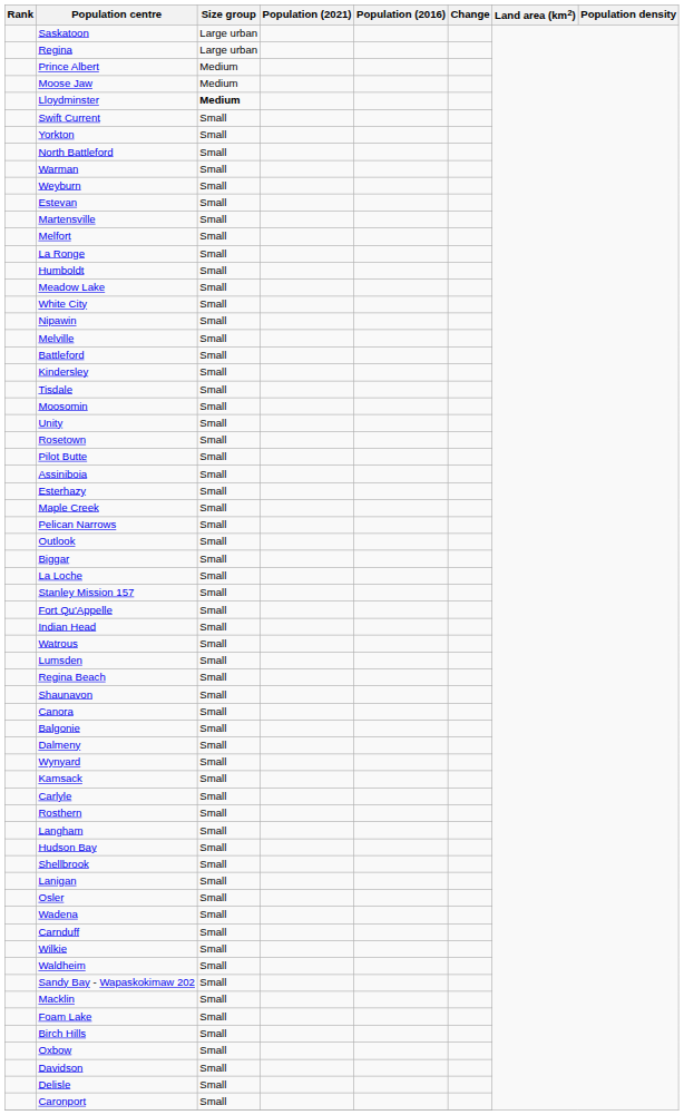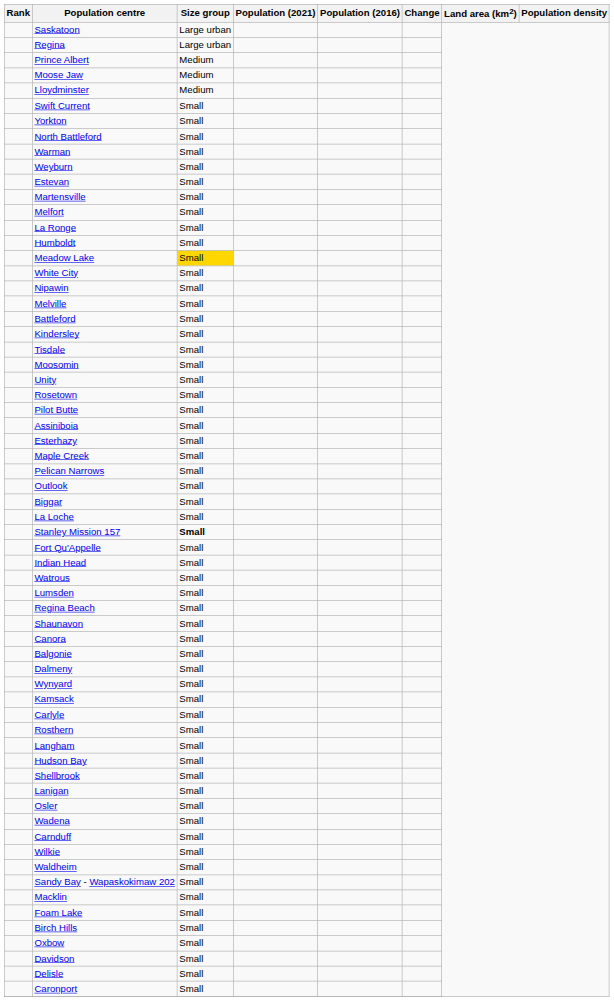 <table class="wikitable sortable">
 <tr>
 <th>Rank</th>
 <th>Population centre</th>
 <th>Size group</th>
 <th>Population (2021)</th>
 <th>Population (2016)</th>
 <th>Change</th>
 <th>Land area (km<sup>2</sup>)</th>
 <th>Population density</th>
 </tr>
 <tr>
 <td scope=row align=center></td>
 <td><a href='#'>Saskatoon</a></td>
 <td>Large urban</td>
 <td></td>
 <td align=center></td>
 <td align=center></td>
 </tr>
 <tr>
 <td scope=row align=center></td>
 <td><a href='#'>Regina</a></td>
 <td>Large urban</td>
 <td></td>
 <td align=center></td>
 <td align=center></td>
 </tr>
 <tr>
 <td scope=row align=center></td>
 <td><a href='#'>Prince Albert</a></td>
 <td>Medium</td>
 <td></td>
 <td align=center></td>
 <td align=center></td>
 </tr>
 <tr>
 <td scope=row align=center></td>
 <td><a href='#'>Moose Jaw</a></td>
 <td>Medium</td>
 <td></td>
 <td align=center></td>
 <td align=center></td>
 </tr>
 <tr>
 <td scope=row align=center></td>
 <td><a href='#'>Lloydminster</a></td>
-<td><strong>Medium</strong></td>
+<td>Medium</td>
 <td></td>
 <td align=center></td>
 <td align=center></td>
 </tr>
 <tr>
 <td scope=row align=center></td>
 <td><a href='#'>Swift Current</a></td>
 <td>Small</td>
 <td></td>
 <td align=center></td>
 <td align=center></td>
 </tr>
 <tr>
 <td scope=row align=center></td>
 <td><a href='#'>Yorkton</a></td>
 <td>Small</td>
 <td></td>
 <td align=center></td>
 <td align=center></td>
 </tr>
 <tr>
 <td scope=row align=center></td>
 <td><a href='#'>North Battleford</a></td>
 <td>Small</td>
 <td></td>
 <td align=center></td>
 <td align=center></td>
 </tr>
 <tr>
 <td scope=row align=center></td>
 <td><a href='#'>Warman</a></td>
 <td>Small</td>
 <td></td>
 <td align=center></td>
 <td align=center></td>
 </tr>
 <tr>
 <td scope=row align=center></td>
 <td><a href='#'>Weyburn</a></td>
 <td>Small</td>
 <td></td>
 <td align=center></td>
 <td align=center></td>
 </tr>
 <tr>
 <td scope=row align=center></td>
 <td><a href='#'>Estevan</a></td>
 <td>Small</td>
 <td></td>
 <td align=center></td>
 <td align=center></td>
 </tr>
 <tr>
 <td scope=row align=center></td>
 <td><a href='#'>Martensville</a></td>
 <td>Small</td>
 <td></td>
 <td align=center></td>
 <td align=center></td>
 </tr>
 <tr>
 <td scope=row align=center></td>
 <td><a href='#'>Melfort</a></td>
 <td>Small</td>
 <td></td>
 <td align=center></td>
 <td align=center></td>
 </tr>
 <tr>
 <td scope=row align=center></td>
 <td><a href='#'>La Ronge</a></td>
 <td>Small</td>
 <td></td>
 <td align=center></td>
 <td align=center></td>
 </tr>
 <tr>
 <td scope=row align=center></td>
 <td><a href='#'>Humboldt</a></td>
 <td>Small</td>
 <td></td>
 <td align=center></td>
 <td align=center></td>
 </tr>
 <tr>
 <td scope=row align=center></td>
 <td><a href='#'>Meadow Lake</a></td>
-<td>Small</td>
+<td style="background: gold;">Small</td>
 <td></td>
 <td align=center></td>
 <td align=center></td>
 </tr>
 <tr>
 <td scope=row align=center></td>
 <td><a href='#'>White City</a></td>
 <td>Small</td>
 <td></td>
 <td align=center></td>
 <td align=center></td>
 </tr>
 <tr>
 <td scope=row align=center></td>
 <td><a href='#'>Nipawin</a></td>
 <td>Small</td>
 <td></td>
 <td align=center></td>
 <td align=center></td>
 </tr>
 <tr>
 <td scope=row align=center></td>
 <td><a href='#'>Melville</a></td>
 <td>Small</td>
 <td></td>
 <td align=center></td>
 <td align=center></td>
 </tr>
 <tr>
 <td scope=row align=center></td>
 <td><a href='#'>Battleford</a></td>
 <td>Small</td>
 <td></td>
 <td align=center></td>
 <td align=center></td>
 </tr>
 <tr>
 <td scope=row align=center></td>
 <td><a href='#'>Kindersley</a></td>
 <td>Small</td>
 <td></td>
 <td align=center></td>
 <td align=center></td>
 </tr>
 <tr>
 <td scope=row align=center></td>
 <td><a href='#'>Tisdale</a></td>
 <td>Small</td>
 <td></td>
 <td align=center></td>
 <td align=center></td>
 </tr>
 <tr>
 <td scope=row align=center></td>
 <td><a href='#'>Moosomin</a></td>
 <td>Small</td>
 <td></td>
 <td align=center></td>
 <td align=center></td>
 </tr>
 <tr>
 <td scope=row align=center></td>
 <td><a href='#'>Unity</a></td>
 <td>Small</td>
 <td></td>
 <td align=center></td>
 <td align=center></td>
 </tr>
 <tr>
 <td scope=row align=center></td>
 <td><a href='#'>Rosetown</a></td>
 <td>Small</td>
 <td></td>
 <td align=center></td>
 <td align=center></td>
 </tr>
 <tr>
 <td scope=row align=center></td>
 <td><a href='#'>Pilot Butte</a></td>
 <td>Small</td>
 <td></td>
 <td align=center></td>
 <td align=center></td>
 </tr>
 <tr>
 <td scope=row align=center></td>
 <td><a href='#'>Assiniboia</a></td>
 <td>Small</td>
 <td></td>
 <td align=center></td>
 <td align=center></td>
 </tr>
 <tr>
 <td scope=row align=center></td>
 <td><a href='#'>Esterhazy</a></td>
 <td>Small</td>
 <td></td>
 <td align=center></td>
 <td align=center></td>
 </tr>
 <tr>
 <td scope=row align=center></td>
 <td><a href='#'>Maple Creek</a></td>
 <td>Small</td>
 <td></td>
 <td align=center></td>
 <td align=center></td>
 </tr>
 <tr>
 <td scope=row align=center></td>
 <td><a href='#'>Pelican Narrows</a></td>
 <td>Small</td>
 <td></td>
 <td align=center></td>
 <td align=center></td>
 </tr>
 <tr>
 <td scope=row align=center></td>
 <td><a href='#'>Outlook</a></td>
 <td>Small</td>
 <td></td>
 <td align=center></td>
 <td align=center></td>
 </tr>
 <tr>
 <td scope=row align=center></td>
 <td><a href='#'>Biggar</a></td>
 <td>Small</td>
 <td></td>
 <td align=center></td>
 <td align=center></td>
 </tr>
 <tr>
 <td scope=row align=center></td>
 <td><a href='#'>La Loche</a></td>
 <td>Small</td>
 <td></td>
 <td align=center></td>
 <td align=center></td>
 </tr>
 <tr>
 <td scope=row align=center></td>
 <td><a href='#'>Stanley Mission 157</a></td>
-<td>Small</td>
+<td><strong>Small</strong></td>
 <td></td>
 <td align=center></td>
 <td align=center></td>
 </tr>
 <tr>
 <td scope=row align=center></td>
 <td><a href='#'>Fort Qu'Appelle</a></td>
 <td>Small</td>
 <td></td>
 <td align=center></td>
 <td align=center></td>
 </tr>
 <tr>
 <td scope=row align=center></td>
 <td><a href='#'>Indian Head</a></td>
 <td>Small</td>
 <td></td>
 <td align=center></td>
 <td align=center></td>
 </tr>
 <tr>
 <td scope=row align=center></td>
 <td><a href='#'>Watrous</a></td>
 <td>Small</td>
 <td></td>
 <td align=center></td>
 <td align=center></td>
 </tr>
 <tr>
 <td scope=row align=center></td>
 <td><a href='#'>Lumsden</a></td>
 <td>Small</td>
 <td></td>
 <td align=center></td>
 <td align=center></td>
 </tr>
 <tr>
 <td scope=row align=center></td>
 <td><a href='#'>Regina Beach</a></td>
 <td>Small</td>
 <td></td>
 <td align=center></td>
 <td align=center></td>
 </tr>
 <tr>
 <td scope=row align=center></td>
 <td><a href='#'>Shaunavon</a></td>
 <td>Small</td>
 <td></td>
 <td align=center></td>
 <td align=center></td>
 </tr>
 <tr>
 <td scope=row align=center></td>
 <td><a href='#'>Canora</a></td>
 <td>Small</td>
 <td></td>
 <td align=center></td>
 <td align=center></td>
 </tr>
 <tr>
 <td scope=row align=center></td>
 <td><a href='#'>Balgonie</a></td>
 <td>Small</td>
 <td></td>
 <td align=center></td>
 <td align=center></td>
 </tr>
 <tr>
 <td scope=row align=center></td>
 <td><a href='#'>Dalmeny</a></td>
 <td>Small</td>
 <td></td>
 <td align=center></td>
 <td align=center></td>
 </tr>
 <tr>
 <td scope=row align=center></td>
 <td><a href='#'>Wynyard</a></td>
 <td>Small</td>
 <td></td>
 <td align=center></td>
 <td align=center></td>
 </tr>
 <tr>
 <td scope=row align=center></td>
 <td><a href='#'>Kamsack</a></td>
 <td>Small</td>
 <td></td>
 <td align=center></td>
 <td align=center></td>
 </tr>
 <tr>
 <td scope=row align=center></td>
 <td><a href='#'>Carlyle</a></td>
 <td>Small</td>
 <td></td>
 <td align=center></td>
 <td align=center></td>
 </tr>
 <tr>
 <td scope=row align=center></td>
 <td><a href='#'>Rosthern</a></td>
 <td>Small</td>
 <td></td>
 <td align=center></td>
 <td align=center></td>
 </tr>
 <tr>
 <td scope=row align=center></td>
 <td><a href='#'>Langham</a></td>
 <td>Small</td>
 <td></td>
 <td align=center></td>
 <td align=center></td>
 </tr>
 <tr>
 <td scope=row align=center></td>
 <td><a href='#'>Hudson Bay</a></td>
 <td>Small</td>
 <td></td>
 <td align=center></td>
 <td align=center></td>
 </tr>
 <tr>
 <td scope=row align=center></td>
 <td><a href='#'>Shellbrook</a></td>
 <td>Small</td>
 <td></td>
 <td align=center></td>
 <td align=center></td>
 </tr>
 <tr>
 <td scope=row align=center></td>
 <td><a href='#'>Lanigan</a></td>
 <td>Small</td>
 <td></td>
 <td align=center></td>
 <td align=center></td>
 </tr>
 <tr>
 <td scope=row align=center></td>
 <td><a href='#'>Osler</a></td>
 <td>Small</td>
 <td></td>
 <td align=center></td>
 <td align=center></td>
 </tr>
 <tr>
 <td scope=row align=center></td>
 <td><a href='#'>Wadena</a></td>
 <td>Small</td>
 <td></td>
 <td align=center></td>
 <td align=center></td>
 </tr>
 <tr>
 <td scope=row align=center></td>
 <td><a href='#'>Carnduff</a></td>
 <td>Small</td>
 <td></td>
 <td align=center></td>
 <td align=center></td>
 </tr>
 <tr>
 <td scope=row align=center></td>
 <td><a href='#'>Wilkie</a></td>
 <td>Small</td>
 <td></td>
 <td align=center></td>
 <td align=center></td>
 </tr>
 <tr>
 <td scope=row align=center></td>
 <td><a href='#'>Waldheim</a></td>
 <td>Small</td>
 <td></td>
 <td align=center></td>
 <td align=center></td>
 </tr>
 <tr>
 <td scope=row align=center></td>
 <td><a href='#'>Sandy Bay</a> - <a href='#'>Wapaskokimaw 202</a></td>
 <td>Small</td>
 <td></td>
 <td align=center></td>
 <td align=center></td>
 </tr>
 <tr>
 <td scope=row align=center></td>
 <td><a href='#'>Macklin</a></td>
 <td>Small</td>
 <td></td>
 <td align=center></td>
 <td align=center></td>
 </tr>
 <tr>
 <td scope=row align=center></td>
 <td><a href='#'>Foam Lake</a></td>
 <td>Small</td>
 <td></td>
 <td align=center></td>
 <td align=center></td>
 </tr>
 <tr>
 <td scope=row align=center></td>
 <td><a href='#'>Birch Hills</a></td>
 <td>Small</td>
 <td></td>
 <td align=center></td>
 <td align=center></td>
 </tr>
 <tr>
 <td scope=row align=center></td>
 <td><a href='#'>Oxbow</a></td>
 <td>Small</td>
 <td></td>
 <td align=center></td>
 <td align=center></td>
 </tr>
 <tr>
 <td scope=row align=center></td>
 <td><a href='#'>Davidson</a></td>
 <td>Small</td>
 <td></td>
 <td align=center></td>
 <td align=center></td>
 </tr>
 <tr>
 <td scope=row align=center></td>
 <td><a href='#'>Delisle</a></td>
 <td>Small</td>
 <td></td>
 <td align=center></td>
 <td align=center></td>
 </tr>
 <tr>
 <td scope=row align=center></td>
 <td><a href='#'>Caronport</a></td>
 <td>Small</td>
 <td></td>
 <td align=center></td>
 <td align=center></td>
 </tr>
 <tr>
 </tr>
 </table>
